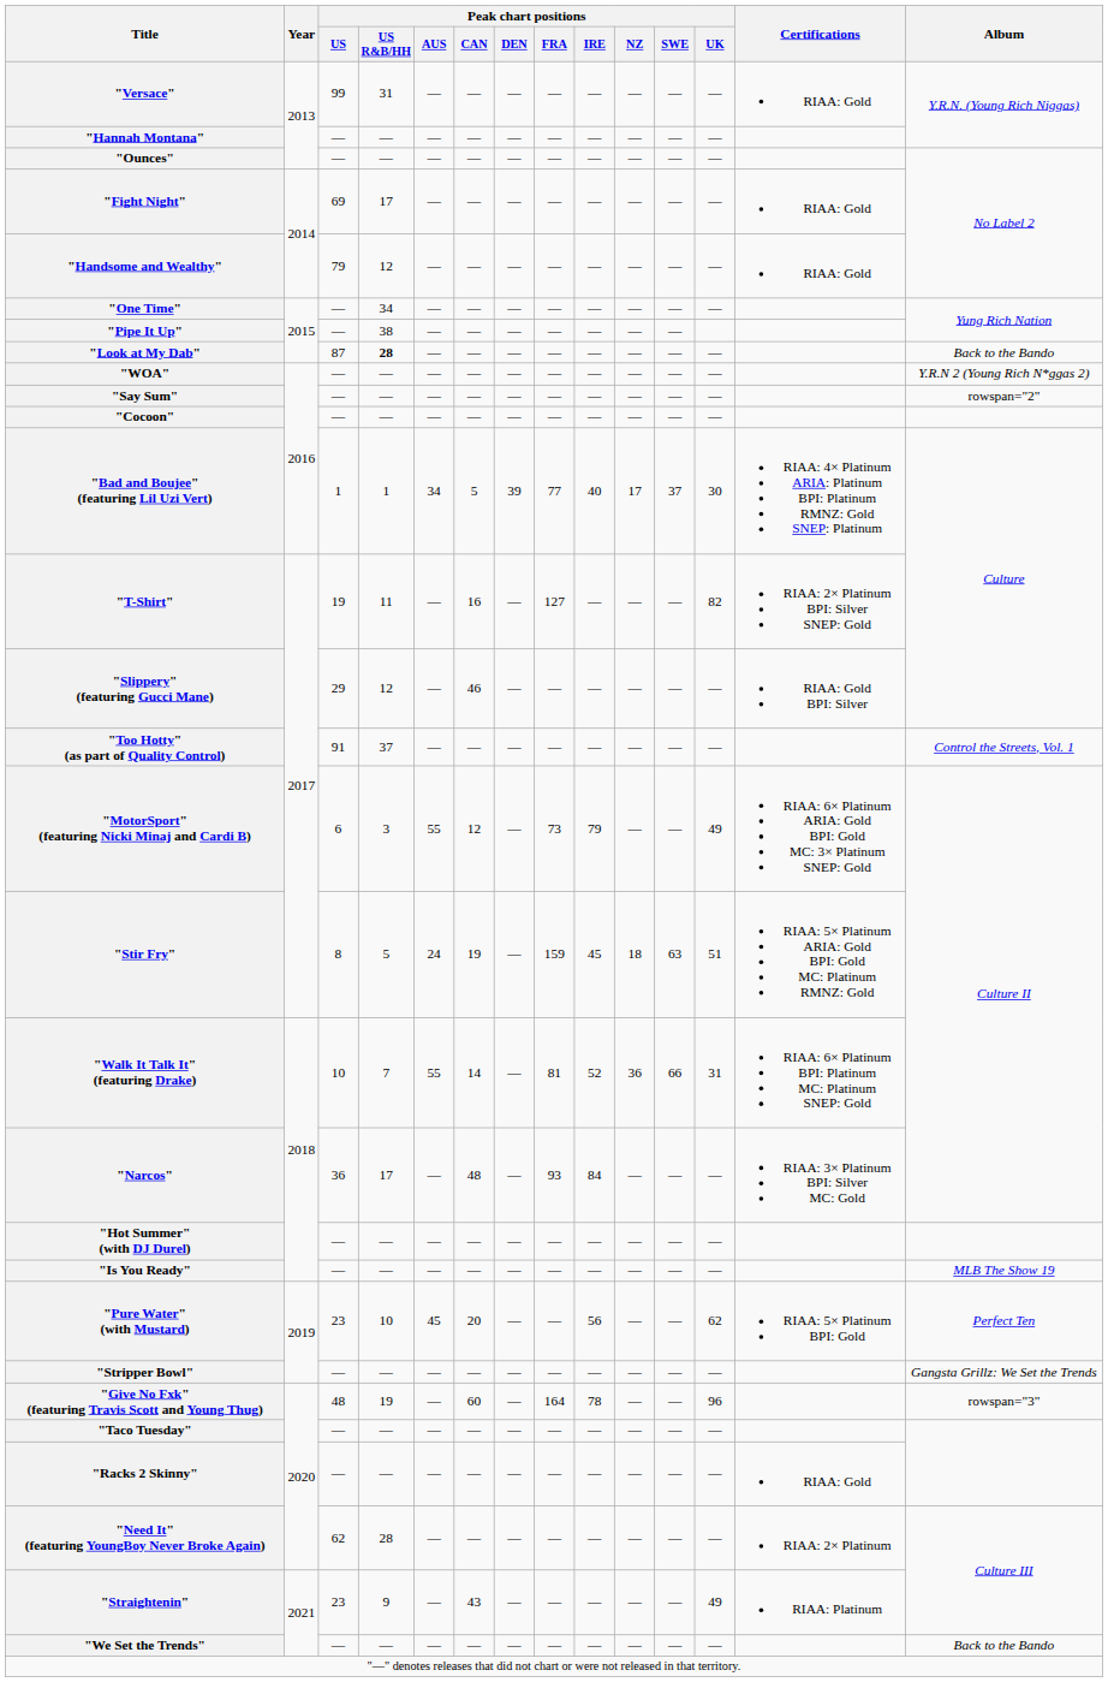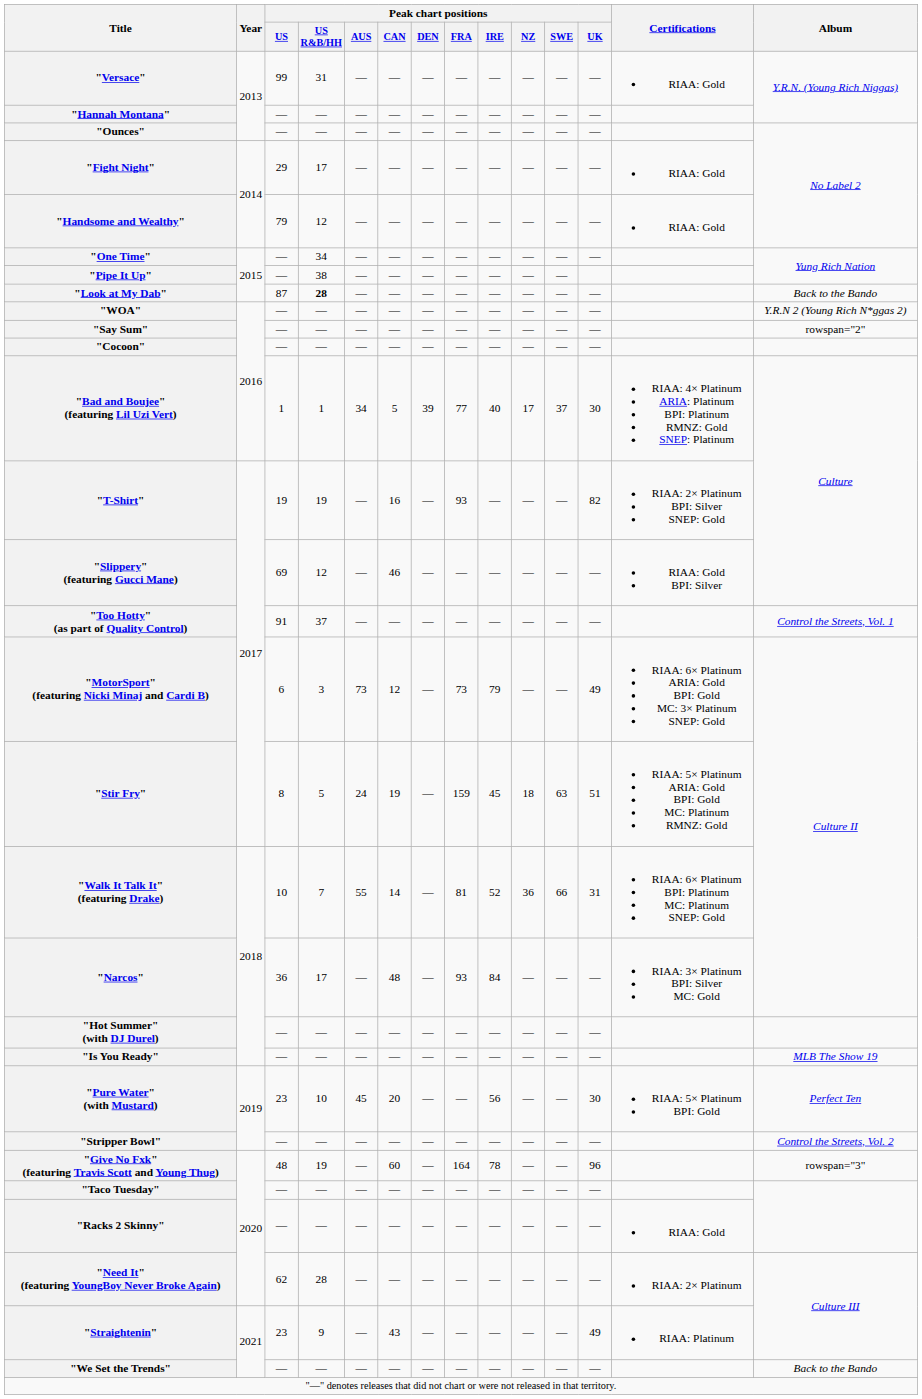 <table class="wikitable plainrowheaders" style="text-align:center;">
 <tr>
 <th scope="col" rowspan="2" style="width:20em;">Title</th>
 <th scope="col" rowspan="2" style="width:1em;">Year</th>
 <th colspan="10" scope="col">Peak chart positions</th>
 <th scope="col" rowspan="2" style="width:12em;"><a href='#'>Certifications</a></th>
 <th scope="col" rowspan="2" style="width:14em;">Album</th>
 </tr>
 <tr>
 <th scope="col" style="width:2.8em;font-size:90%;"><a href='#'>US</a><br></th>
 <th scope="col" style="width:2.8em;font-size:90%;"><a href='#'>US<br>R&B/HH</a><br></th>
 <th scope="col" style="width:2.8em;font-size:90%;"><a href='#'>AUS</a><br></th>
 <th scope="col" style="width:2.8em;font-size:90%;"><a href='#'>CAN</a><br></th>
 <th scope="col" style="width:2.8em;font-size:90%;"><a href='#'>DEN</a><br></th>
 <th scope="col" style="width:2.8em;font-size:90%;"><a href='#'>FRA</a><br></th>
 <th scope="col" style="width:2.8em;font-size:90%;"><a href='#'>IRE</a><br></th>
 <th scope="col" style="width:2.8em;font-size:90%;"><a href='#'>NZ</a><br></th>
 <th scope="col" style="width:2.8em;font-size:90%;"><a href='#'>SWE</a><br></th>
 <th scope="col" style="width:2.8em;font-size:90%;"><a href='#'>UK</a><br></th>
 </tr>
 <tr>
 <th scope="row">"<a href='#'>Versace</a>"</th>
 <td rowspan="3">2013</td>
 <td>99</td>
 <td>31</td>
 <td>—</td>
 <td>—</td>
 <td>—</td>
 <td>—</td>
 <td>—</td>
 <td>—</td>
 <td>—</td>
 <td>—</td>
 <td><br><ul><li>RIAA: Gold</li></ul></td>
 <td rowspan="2"><em><a href='#'>Y.R.N. (Young Rich Niggas)</a></em></td>
 </tr>
 <tr>
 <th scope="row">"<a href='#'>Hannah Montana</a>"</th>
 <td>—</td>
 <td>—</td>
 <td>—</td>
 <td>—</td>
 <td>—</td>
 <td>—</td>
 <td>—</td>
 <td>—</td>
 <td>—</td>
 <td>—</td>
 <td></td>
 </tr>
 <tr>
 <th scope="row">"Ounces"</th>
 <td>—</td>
 <td>—</td>
 <td>—</td>
 <td>—</td>
 <td>—</td>
 <td>—</td>
 <td>—</td>
 <td>—</td>
 <td>—</td>
 <td>—</td>
 <td></td>
 <td rowspan="3"><em><a href='#'>No Label 2</a></em></td>
 </tr>
 <tr>
 <th scope="row">"<a href='#'>Fight Night</a>"</th>
 <td rowspan="2">2014</td>
-<td>69</td>
+<td>29</td>
 <td>17</td>
 <td>—</td>
 <td>—</td>
 <td>—</td>
 <td>—</td>
 <td>—</td>
 <td>—</td>
 <td>—</td>
 <td>—</td>
 <td><br><ul><li>RIAA: Gold</li></ul></td>
 </tr>
 <tr>
 <th scope="row">"<a href='#'>Handsome and Wealthy</a>"</th>
 <td>79</td>
 <td>12</td>
 <td>—</td>
 <td>—</td>
 <td>—</td>
 <td>—</td>
 <td>—</td>
 <td>—</td>
 <td>—</td>
 <td>—</td>
 <td><br><ul><li>RIAA: Gold</li></ul></td>
 </tr>
 <tr>
 <th scope="row">"<a href='#'>One Time</a>"</th>
 <td rowspan="3">2015</td>
 <td>—</td>
 <td>34</td>
 <td>—</td>
 <td>—</td>
 <td>—</td>
 <td>—</td>
 <td>—</td>
 <td>—</td>
 <td>—</td>
 <td>—</td>
 <td></td>
 <td rowspan="2"><em><a href='#'>Yung Rich Nation</a></em></td>
 </tr>
 <tr>
 <th scope="row">"<a href='#'>Pipe It Up</a>"</th>
 <td>—</td>
 <td>38</td>
 <td>—</td>
 <td>—</td>
 <td>—</td>
 <td>—</td>
 <td>—</td>
 <td>—</td>
 <td>—</td>
 <td></td>
 </tr>
 <tr>
 <th scope="row">"<a href='#'>Look at My Dab</a>"</th>
 <td>87</td>
 <td><strong>28</strong></td>
 <td>—</td>
 <td>—</td>
 <td>—</td>
 <td>—</td>
 <td>—</td>
 <td>—</td>
 <td>—</td>
 <td>—</td>
 <td></td>
 <td><em>Back to the Bando</em></td>
 </tr>
 <tr>
 <th scope="row">"WOA"</th>
 <td rowspan="4">2016</td>
 <td>—</td>
 <td>—</td>
 <td>—</td>
 <td>—</td>
 <td>—</td>
 <td>—</td>
 <td>—</td>
 <td>—</td>
 <td>—</td>
 <td>—</td>
 <td></td>
 <td><em>Y.R.N 2 (Young Rich N*ggas 2)</em></td>
 </tr>
 <tr>
 <th scope="row">"Say Sum"</th>
 <td>—</td>
 <td>—</td>
 <td>—</td>
 <td>—</td>
 <td>—</td>
 <td>—</td>
 <td>—</td>
 <td>—</td>
 <td>—</td>
 <td>—</td>
 <td></td>
 <td>rowspan="2" </td>
 </tr>
 <tr>
 <th scope="row">"Cocoon"</th>
 <td>—</td>
 <td>—</td>
 <td>—</td>
 <td>—</td>
 <td>—</td>
 <td>—</td>
 <td>—</td>
 <td>—</td>
 <td>—</td>
 <td>—</td>
 <td></td>
 </tr>
 <tr>
 <th scope="row">"<a href='#'>Bad and Boujee</a>"<br><span>(featuring <a href='#'>Lil Uzi Vert</a>)</span></th>
 <td>1</td>
 <td>1</td>
 <td>34</td>
 <td>5</td>
 <td>39</td>
 <td>77</td>
 <td>40</td>
 <td>17</td>
 <td>37</td>
 <td>30</td>
 <td><br><ul><li>RIAA: 4× Platinum</li><li><a href='#'>ARIA</a>: Platinum</li><li>BPI: Platinum</li><li>RMNZ: Gold</li><li><a href='#'>SNEP</a>: Platinum</li></ul></td>
 <td rowspan="3"><em><a href='#'>Culture</a></em></td>
 </tr>
 <tr>
 <th scope="row">"<a href='#'>T-Shirt</a>"</th>
 <td rowspan="5">2017</td>
 <td>19</td>
-<td>11</td>
+<td>19</td>
 <td>—</td>
 <td>16</td>
 <td>—</td>
-<td>127</td>
+<td>93</td>
 <td>—</td>
 <td>—</td>
 <td>—</td>
 <td>82</td>
 <td><br><ul><li>RIAA: 2× Platinum</li><li>BPI: Silver</li><li>SNEP: Gold</li></ul></td>
 </tr>
 <tr>
 <th scope="row">"<a href='#'>Slippery</a>"<br><span>(featuring <a href='#'>Gucci Mane</a>)</span></th>
-<td>29</td>
+<td>69</td>
 <td>12</td>
 <td>—</td>
 <td>46</td>
 <td>—</td>
 <td>—</td>
 <td>—</td>
 <td>—</td>
 <td>—</td>
 <td>—</td>
 <td><br><ul><li>RIAA: Gold</li><li>BPI: Silver</li></ul></td>
 </tr>
 <tr>
 <th scope="row">"<a href='#'>Too Hotty</a>"<br><span>(as part of <a href='#'>Quality Control</a>)</span></th>
 <td>91</td>
 <td>37</td>
 <td>—</td>
 <td>—</td>
 <td>—</td>
 <td>—</td>
 <td>—</td>
 <td>—</td>
 <td>—</td>
 <td>—</td>
 <td></td>
 <td rowspan="1"><em><a href='#'>Control the Streets, Vol. 1</a></em></td>
 </tr>
 <tr>
 <th scope="row">"<a href='#'>MotorSport</a>" <br><span>(featuring <a href='#'>Nicki Minaj</a>  and <a href='#'>Cardi B</a>)</span></th>
 <td>6</td>
 <td>3</td>
-<td>55</td>
+<td>73</td>
 <td>12</td>
 <td>—</td>
 <td>73</td>
 <td>79</td>
 <td>—</td>
 <td>—</td>
 <td>49</td>
 <td><br><ul><li>RIAA: 6× Platinum</li><li>ARIA: Gold</li><li>BPI: Gold</li><li>MC: 3× Platinum</li><li>SNEP: Gold</li></ul></td>
 <td rowspan="4"><em><a href='#'>Culture II</a></em></td>
 </tr>
 <tr>
 <th scope="row">"<a href='#'>Stir Fry</a>"</th>
 <td>8</td>
 <td>5</td>
 <td>24</td>
 <td>19</td>
 <td>—</td>
 <td>159</td>
 <td>45</td>
 <td>18</td>
 <td>63</td>
 <td>51</td>
 <td><br><ul><li>RIAA: 5× Platinum</li><li>ARIA: Gold</li><li>BPI: Gold</li><li>MC: Platinum</li><li>RMNZ: Gold</li></ul></td>
 </tr>
 <tr>
 <th scope="row">"<a href='#'>Walk It Talk It</a>"<br><span>(featuring <a href='#'>Drake</a>)</span></th>
 <td rowspan="4">2018</td>
 <td>10</td>
 <td>7</td>
 <td>55</td>
 <td>14</td>
 <td>—</td>
 <td>81</td>
 <td>52</td>
 <td>36</td>
 <td>66</td>
 <td>31</td>
 <td><br><ul><li>RIAA: 6× Platinum</li><li>BPI: Platinum</li><li>MC: Platinum</li><li>SNEP: Gold</li></ul></td>
 </tr>
 <tr>
 <th scope="row">"<a href='#'>Narcos</a>"</th>
 <td>36</td>
 <td>17</td>
 <td>—</td>
 <td>48</td>
 <td>—</td>
 <td>93</td>
 <td>84</td>
 <td>—</td>
 <td>—</td>
 <td>—</td>
 <td><br><ul><li>RIAA: 3× Platinum</li><li>BPI: Silver</li><li>MC: Gold</li></ul></td>
 </tr>
 <tr>
 <th scope="row">"Hot Summer" <br><span>(with <a href='#'>DJ Durel</a>)</span></th>
 <td>—</td>
 <td>—</td>
 <td>—</td>
 <td>—</td>
 <td>—</td>
 <td>—</td>
 <td>—</td>
 <td>—</td>
 <td>—</td>
 <td>—</td>
 <td></td>
 <td></td>
 </tr>
 <tr>
 <th scope="row">"Is You Ready"</th>
 <td>—</td>
 <td>—</td>
 <td>—</td>
 <td>—</td>
 <td>—</td>
 <td>—</td>
 <td>—</td>
 <td>—</td>
 <td>—</td>
 <td>—</td>
 <td></td>
 <td><em><a href='#'>MLB The Show 19</a></em></td>
 </tr>
 <tr>
 <th scope="row">"<a href='#'>Pure Water</a>" <br><span>(with <a href='#'>Mustard</a>)</span></th>
 <td rowspan="2">2019</td>
 <td>23</td>
 <td>10</td>
 <td>45</td>
 <td>20</td>
 <td>—</td>
 <td>—</td>
 <td>56</td>
 <td>—</td>
 <td>—</td>
-<td>62</td>
+<td>30</td>
 <td><br><ul><li>RIAA: 5× Platinum</li><li>BPI: Gold</li></ul></td>
 <td><em><a href='#'>Perfect Ten</a></em></td>
 </tr>
 <tr>
 <th scope="row">"Stripper Bowl"</th>
 <td>—</td>
 <td>—</td>
 <td>—</td>
 <td>—</td>
 <td>—</td>
 <td>—</td>
 <td>—</td>
 <td>—</td>
 <td>—</td>
 <td>—</td>
 <td></td>
-<td><em>Gangsta Grillz: We Set the Trends</em></td>
+<td><em><a href='#'>Control the Streets, Vol. 2</a></em></td>
 </tr>
 <tr>
 <th scope="row">"<a href='#'>Give No Fxk</a>"<br><span>(featuring <a href='#'>Travis Scott</a> and <a href='#'>Young Thug</a>)</span></th>
 <td rowspan="4">2020</td>
 <td>48</td>
 <td>19</td>
 <td>—</td>
 <td>60</td>
 <td>—</td>
 <td>164</td>
 <td>78</td>
 <td>—</td>
 <td>—</td>
 <td>96</td>
 <td></td>
 <td>rowspan="3" </td>
 </tr>
 <tr>
 <th scope="row">"Taco Tuesday"</th>
 <td>—</td>
 <td>—</td>
 <td>—</td>
 <td>—</td>
 <td>—</td>
 <td>—</td>
 <td>—</td>
 <td>—</td>
 <td>—</td>
 <td>—</td>
 <td></td>
 </tr>
 <tr>
 <th scope="row">"Racks 2 Skinny"</th>
 <td>—</td>
 <td>—</td>
 <td>—</td>
 <td>—</td>
 <td>—</td>
 <td>—</td>
 <td>—</td>
 <td>—</td>
 <td>—</td>
 <td>—</td>
 <td><br><ul><li>RIAA: Gold</li></ul></td>
 </tr>
 <tr>
 <th scope="row">"<a href='#'>Need It</a>"<br><span>(featuring <a href='#'>YoungBoy Never Broke Again</a>)</span></th>
 <td>62</td>
 <td>28</td>
 <td>—</td>
 <td>—</td>
 <td>—</td>
 <td>—</td>
 <td>—</td>
 <td>—</td>
 <td>—</td>
 <td>—</td>
 <td><br><ul><li>RIAA: 2× Platinum</li></ul></td>
 <td rowspan="2"><em><a href='#'>Culture III</a></em></td>
 </tr>
 <tr>
 <th scope="row">"<a href='#'>Straightenin</a>"</th>
 <td rowspan="2">2021</td>
 <td>23</td>
 <td>9</td>
 <td>—</td>
 <td>43</td>
 <td>—</td>
 <td>—</td>
 <td>—</td>
 <td>—</td>
 <td>—</td>
 <td>49</td>
 <td><br><ul><li>RIAA: Platinum</li></ul></td>
 </tr>
 <tr>
 <th scope="row">"We Set the Trends"<br></th>
 <td>—</td>
 <td>—</td>
 <td>—</td>
 <td>—</td>
 <td>—</td>
 <td>—</td>
 <td>—</td>
 <td>—</td>
 <td>—</td>
 <td>—</td>
 <td></td>
 <td><em>Back to the Bando</em></td>
 </tr>
 <tr>
 <td colspan="14" style="font-size:90%">"—" denotes releases that did not chart or were not released in that territory.</td>
 </tr>
 </table>
